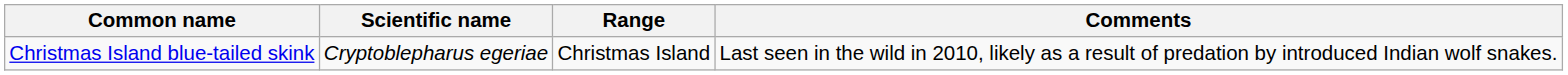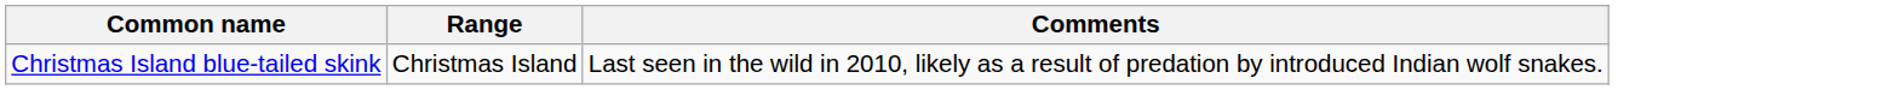 <table class="wikitable">
 <tr>
 <th>Common name</th>
-<th>Scientific name</th>
 <th>Range</th>
 <th class="unsortable">Comments</th>
 </tr>
 <tr>
 <td><a href='#'>Christmas Island blue-tailed skink</a></td>
-<td><em>Cryptoblepharus egeriae</em></td>
 <td>Christmas Island</td>
 <td>Last seen in the wild in 2010, likely as a result of predation by introduced Indian wolf snakes.</td>
 </tr>
 </table>
